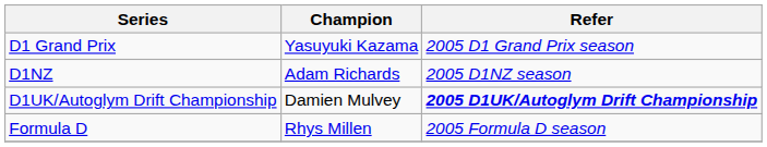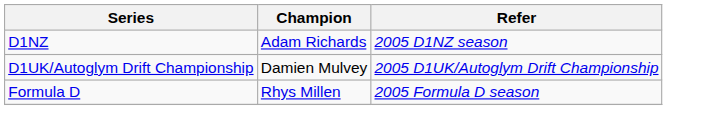 <table class="wikitable" style="font-size:87%;">
 <tr>
 <th>Series</th>
 <th>Champion</th>
 <th>Refer</th>
-</tr>
-<tr>
-<td><a href='#'>D1 Grand Prix</a></td>
-<td> <a href='#'>Yasuyuki Kazama</a></td>
-<td><em><a href='#'>2005 D1 Grand Prix season</a></em></td>
 </tr>
 <tr>
 <td><a href='#'>D1NZ</a></td>
 <td> <a href='#'>Adam Richards</a></td>
 <td><em><a href='#'>2005 D1NZ season</a></em></td>
 </tr>
 <tr>
 <td><a href='#'>D1UK/Autoglym Drift Championship</a></td>
 <td> Damien Mulvey</td>
-<td><strong><em><a href='#'>2005 D1UK/Autoglym Drift Championship</a></em></strong></td>
+<td><em><a href='#'>2005 D1UK/Autoglym Drift Championship</a></em></td>
 </tr>
 <tr>
 <td><a href='#'>Formula D</a></td>
 <td> <a href='#'>Rhys Millen</a></td>
 <td><em><a href='#'>2005 Formula D season</a></em></td>
 </tr>
 <tr>
 </tr>
 </table>
